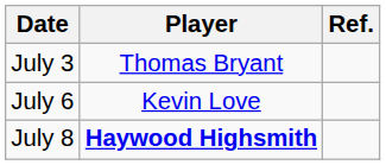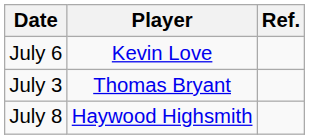 <table class="wikitable sortable sortable" style="text-align: center">
 <tr>
 <th>Date</th>
 <th>Player</th>
 <th>Ref.</th>
 </tr>
 <tr>
+<td>July 6</td>
+<td><a href='#'>Kevin Love</a></td>
+<td></td>
+</tr>
+<tr>
 <td>July 3</td>
 <td><a href='#'>Thomas Bryant</a></td>
 <td></td>
 </tr>
 <tr>
-<td>July 6</td>
-<td><a href='#'>Kevin Love</a></td>
-<td></td>
-</tr>
-<tr>
 <td>July 8</td>
-<td><strong><a href='#'>Haywood Highsmith</a></strong></td>
+<td><a href='#'>Haywood Highsmith</a></td>
 <td></td>
 </tr>
 </table>
